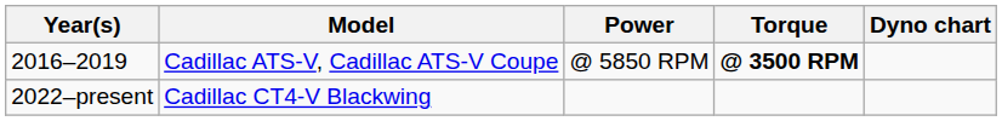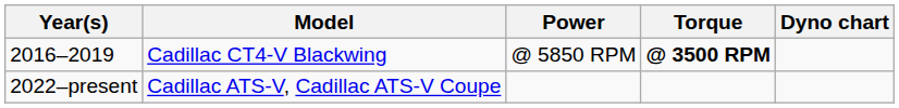 <table class="wikitable" style="font-size: 90%">
 <tr>
 <th>Year(s)</th>
 <th>Model</th>
 <th>Power</th>
 <th>Torque</th>
 <th>Dyno chart</th>
 </tr>
 <tr>
 <td>2016–2019</td>
-<td><a href='#'>Cadillac ATS-V</a>, <a href='#'>Cadillac ATS-V Coupe</a></td>
+<td><a href='#'>Cadillac CT4-V Blackwing</a></td>
 <td> @ 5850 RPM</td>
 <td><strong> @ 3500 RPM</strong></td>
 <td></td>
 </tr>
 <tr>
 <td>2022–present</td>
-<td><a href='#'>Cadillac CT4-V Blackwing</a></td>
+<td><a href='#'>Cadillac ATS-V</a>, <a href='#'>Cadillac ATS-V Coupe</a></td>
 <td></td>
 <td></td>
 </tr>
 </table>
